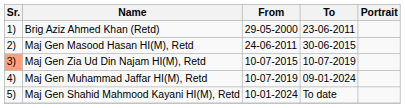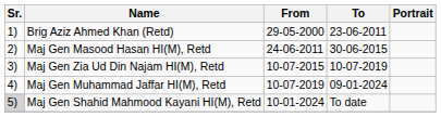 <table class="wikitable">
 <tr>
 <th>Sr.</th>
 <th>Name</th>
 <th>From</th>
 <th>To</th>
 <th>Portrait</th>
 </tr>
 <tr>
 <td>1)</td>
 <td>Brig Aziz Ahmed Khan (Retd)</td>
 <td>29-05-2000</td>
 <td>23-06-2011</td>
 <td></td>
 </tr>
 <tr>
 <td>2)</td>
 <td>Maj Gen Masood Hasan HI(M), Retd</td>
 <td>24-06-2011</td>
 <td>30-06-2015</td>
 <td></td>
 </tr>
 <tr>
-<td style="background: lightsalmon;">3)</td>
+<td>3)</td>
 <td>Maj Gen Zia Ud Din Najam HI(M), Retd</td>
 <td>10-07-2015</td>
 <td>10-07-2019</td>
 <td></td>
 </tr>
 <tr>
 <td>4)</td>
 <td>Maj Gen Muhammad Jaffar HI(M), Retd</td>
 <td>10-07-2019</td>
 <td>09-01-2024</td>
 <td></td>
 </tr>
 <tr>
-<td>5)</td>
+<td style="background: lightgrey;">5)</td>
 <td>Maj Gen Shahid Mahmood Kayani HI(M), Retd</td>
 <td>10-01-2024</td>
 <td>To date</td>
 <td></td>
 </tr>
 <tr>
 </tr>
 </table>
